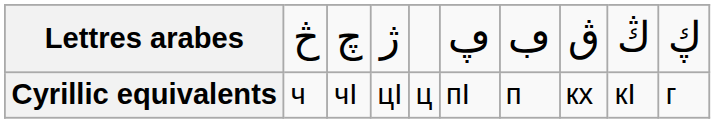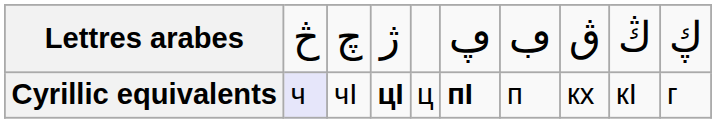 <table class="wikitable">
 <tr>
 <th>Lettres arabes</th>
 <td style="font-size:1.4em;">څ</td>
 <td style="font-size:1.4em;">چ</td>
 <td style="font-size:1.4em;">ژ</td>
 <td></td>
 <td style="font-size:1.4em;">ڥ</td>
 <td style="font-size:1.4em;">ڢ</td>
 <td style="font-size:1.4em;">ڨ</td>
 <td style="font-size:1.4em;">ڭ</td>
 <td style="font-size:1.4em;">ڮ</td>
 </tr>
 <tr>
 <th>Cyrillic equivalents</th>
-<td>ч</td>
+<td style="background: lavender;">ч</td>
 <td>чI</td>
-<td>цI</td>
+<td><strong>цI</strong></td>
 <td>ц</td>
-<td>пI</td>
+<td><strong>пI</strong></td>
 <td>п</td>
 <td>кх</td>
 <td>кI</td>
 <td>г</td>
 </tr>
 </table>
